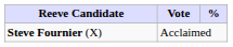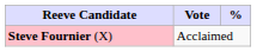 <table class="wikitable">
 <tr>
 <th style="background:#ddf; width:200px;">Reeve Candidate</th>
 <th style="background:#ddf; width:50px;">Vote</th>
 <th style="background:#ddf; width:30px;">%</th>
 </tr>
 <tr>
-<td><strong>Steve Fournier</strong> (X)</td>
+<td style="background: pink;"><strong>Steve Fournier</strong> (X)</td>
 <td colspan="2">Acclaimed</td>
 </tr>
 </table>
